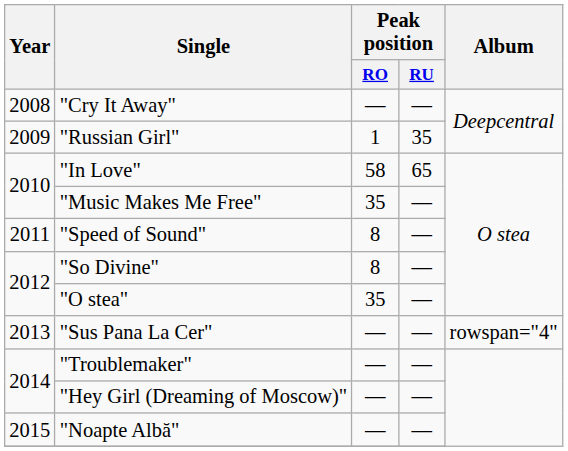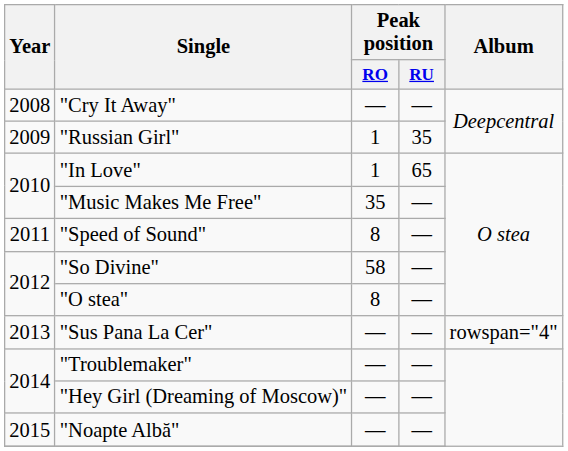 <table class="wikitable" style="text-align:center;">
 <tr>
 <th rowspan=2>Year</th>
 <th rowspan=2>Single</th>
 <th colspan=2>Peak <br>position</th>
 <th rowspan=2>Album</th>
 </tr>
 <tr style="font-size:smaller;">
 <th width=30><a href='#'>RO</a></th>
 <th width=30><a href='#'>RU</a></th>
 </tr>
 <tr>
 <td rowspan=1>2008</td>
 <td align=left>"Cry It Away"</td>
 <td>—</td>
 <td>—</td>
 <td align=center rowspan=2><em>Deepcentral</em></td>
 </tr>
 <tr>
 <td rowspan=1>2009</td>
 <td align=left>"Russian Girl"</td>
 <td>1</td>
 <td>35</td>
 </tr>
 <tr>
 <td rowspan=2>2010</td>
 <td align=left>"In Love"</td>
-<td>58</td>
+<td>1</td>
 <td>65</td>
 <td align=center rowspan="5"><em>O stea</em></td>
 </tr>
 <tr>
 <td align=left>"Music Makes Me Free"</td>
 <td>35</td>
 <td>—</td>
 </tr>
 <tr>
 <td rowspan=1>2011</td>
 <td align=left>"Speed of Sound"</td>
 <td>8</td>
 <td>—</td>
 </tr>
 <tr>
 <td rowspan=2>2012</td>
 <td align=left>"So Divine"</td>
-<td>8</td>
+<td>58</td>
 <td>—</td>
 </tr>
 <tr>
 <td align=left>"O stea"</td>
-<td>35</td>
+<td>8</td>
 <td>—</td>
 </tr>
 <tr>
 <td rowspan=1>2013</td>
 <td align=left>"Sus Pana La Cer"</td>
 <td>—</td>
 <td>—</td>
 <td>rowspan="4" </td>
 </tr>
 <tr>
 <td rowspan="2">2014</td>
 <td align="left">"Troublemaker"</td>
 <td>—</td>
 <td>—</td>
 </tr>
 <tr>
 <td align="left">"Hey Girl (Dreaming of Moscow)"</td>
 <td>—</td>
 <td>—</td>
 </tr>
 <tr>
 <td>2015</td>
 <td align="left">"Noapte Albă"</td>
 <td>—</td>
 <td>—</td>
 </tr>
 <tr>
 </tr>
 </table>
